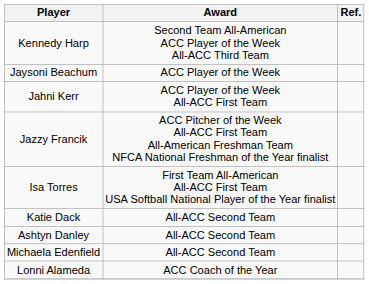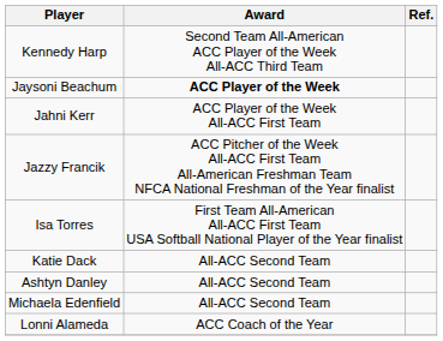 <table class="wikitable" style="text-align:center;">
 <tr>
 <th>Player</th>
 <th>Award</th>
 <th>Ref.</th>
 </tr>
 <tr>
 <td>Kennedy Harp</td>
 <td>Second Team All-American<br>ACC Player of the Week<br>All-ACC Third Team</td>
 <td></td>
 </tr>
 <tr>
 <td>Jaysoni Beachum</td>
-<td>ACC Player of the Week</td>
+<td><strong>ACC Player of the Week</strong></td>
 <td></td>
 </tr>
 <tr>
 <td>Jahni Kerr</td>
 <td>ACC Player of the Week<br>All-ACC First Team</td>
 <td></td>
 </tr>
 <tr>
 <td>Jazzy Francik</td>
 <td>ACC Pitcher of the Week<br>All-ACC First Team<br>All-American Freshman Team<br>NFCA National Freshman of the Year finalist</td>
 <td></td>
 </tr>
 <tr>
 <td>Isa Torres</td>
 <td>First Team All-American<br>All-ACC First Team<br>USA Softball National Player of the Year finalist</td>
 <td></td>
 </tr>
 <tr>
 <td>Katie Dack</td>
 <td>All-ACC Second Team</td>
 <td></td>
 </tr>
 <tr>
 <td>Ashtyn Danley</td>
 <td>All-ACC Second Team</td>
 <td></td>
 </tr>
 <tr>
 <td>Michaela Edenfield</td>
 <td>All-ACC Second Team</td>
 <td></td>
 </tr>
 <tr>
 <td>Lonni Alameda</td>
 <td>ACC Coach of the Year</td>
 <td></td>
 </tr>
 <tr>
 </tr>
 </table>
